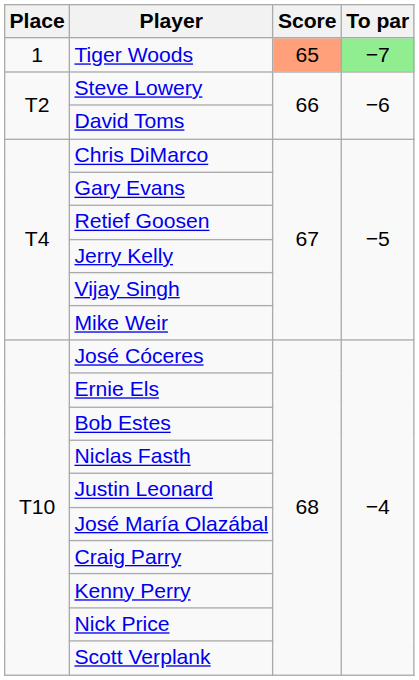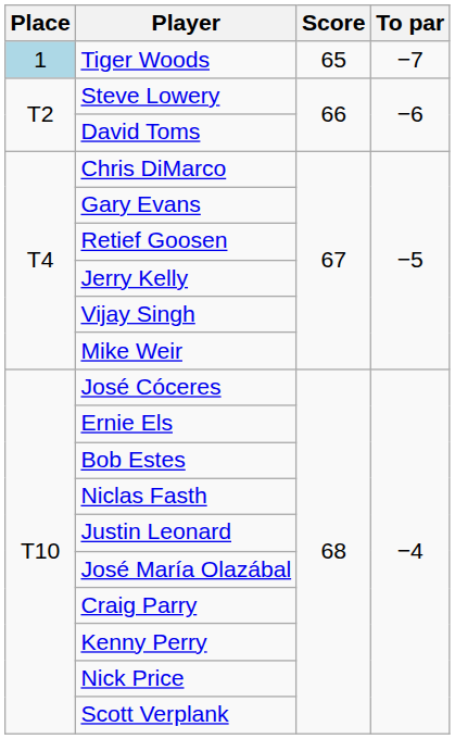 <table class="wikitable">
 <tr>
 <th>Place</th>
 <th>Player</th>
 <th>Score</th>
 <th>To par</th>
 </tr>
 <tr>
-<td align=center>1</td>
+<td align=center style="background: lightblue;">1</td>
 <td> <a href='#'>Tiger Woods</a></td>
-<td align=center style="background: lightsalmon;">65</td>
-<td align=center style="background: lightgreen;">−7</td>
+<td align=center>65</td>
+<td align=center>−7</td>
 </tr>
 <tr>
 <td rowspan="2" align=center>T2</td>
 <td> <a href='#'>Steve Lowery</a></td>
 <td rowspan="2" align=center>66</td>
 <td rowspan="2" align=center>−6</td>
 </tr>
 <tr>
 <td> <a href='#'>David Toms</a></td>
 </tr>
 <tr>
 <td rowspan="6" align=center>T4</td>
 <td> <a href='#'>Chris DiMarco</a></td>
 <td rowspan="6" align=center>67</td>
 <td rowspan="6" align=center>−5</td>
 </tr>
 <tr>
 <td> <a href='#'>Gary Evans</a></td>
 </tr>
 <tr>
 <td> <a href='#'>Retief Goosen</a></td>
 </tr>
 <tr>
 <td> <a href='#'>Jerry Kelly</a></td>
 </tr>
 <tr>
 <td> <a href='#'>Vijay Singh</a></td>
 </tr>
 <tr>
 <td> <a href='#'>Mike Weir</a></td>
 </tr>
 <tr>
 <td rowspan="10" align=center>T10</td>
 <td> <a href='#'>José Cóceres</a></td>
 <td rowspan="10" align=center>68</td>
 <td rowspan="10" align=center>−4</td>
 </tr>
 <tr>
 <td> <a href='#'>Ernie Els</a></td>
 </tr>
 <tr>
 <td> <a href='#'>Bob Estes</a></td>
 </tr>
 <tr>
 <td> <a href='#'>Niclas Fasth</a></td>
 </tr>
 <tr>
 <td> <a href='#'>Justin Leonard</a></td>
 </tr>
 <tr>
 <td> <a href='#'>José María Olazábal</a></td>
 </tr>
 <tr>
 <td> <a href='#'>Craig Parry</a></td>
 </tr>
 <tr>
 <td> <a href='#'>Kenny Perry</a></td>
 </tr>
 <tr>
 <td> <a href='#'>Nick Price</a></td>
 </tr>
 <tr>
 <td> <a href='#'>Scott Verplank</a></td>
 </tr>
 </table>
